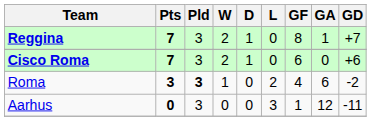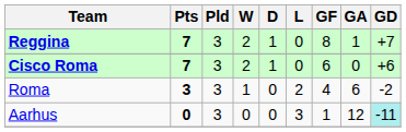 <table class=wikitable style="text-align:center">
 <tr>
 <th width=165>Team</th>
 <th width=20>Pts</th>
 <th width=20>Pld</th>
 <th width=20>W</th>
 <th width=20>D</th>
 <th width=20>L</th>
 <th width=20>GF</th>
 <th width=20>GA</th>
 <th width=20>GD</th>
 </tr>
 <tr style="background:#ccffcc">
 <td style="text-align:left"><strong> <a href='#'>Reggina</a></strong></td>
 <td><strong>7</strong></td>
 <td>3</td>
 <td>2</td>
 <td>1</td>
 <td>0</td>
 <td>8</td>
 <td>1</td>
 <td>+7</td>
 </tr>
 <tr>
 </tr>
 <tr style="background:#ccffcc">
 <td style="text-align:left"><strong> <a href='#'>Cisco Roma</a></strong></td>
 <td><strong>7</strong></td>
 <td>3</td>
 <td>2</td>
 <td>1</td>
 <td>0</td>
 <td>6</td>
 <td>0</td>
 <td>+6</td>
 </tr>
 <tr>
 <td style="text-align:left"> <a href='#'>Roma</a></td>
 <td><strong>3</strong></td>
-<td><strong>3</strong></td>
+<td>3</td>
 <td>1</td>
 <td>0</td>
 <td>2</td>
 <td>4</td>
 <td>6</td>
 <td>-2</td>
 </tr>
 <tr>
 <td style="text-align:left"> <a href='#'>Aarhus</a></td>
 <td><strong>0</strong></td>
 <td>3</td>
 <td>0</td>
 <td>0</td>
 <td>3</td>
 <td>1</td>
 <td>12</td>
-<td>-11</td>
+<td style="background: paleturquoise;">-11</td>
 </tr>
 <tr>
 </tr>
 </table>
